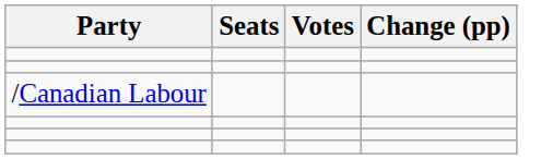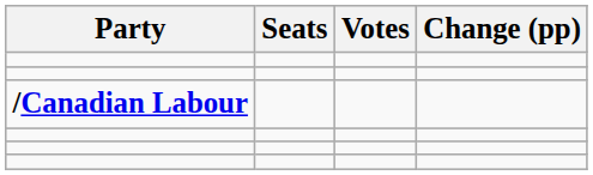 <table class="wikitable" style="text-align:right;">
 <tr>
 <th>Party</th>
 <th>Seats</th>
 <th>Votes</th>
 <th colspan="3">Change (pp)</th>
 </tr>
 <tr>
 <td style="text-align:left;"></td>
 <td></td>
 <td></td>
 <td></td>
 </tr>
 <tr>
 <td style="text-align:left;"></td>
 <td></td>
 <td></td>
 <td></td>
 </tr>
 <tr>
-<td style="text-align:left;">/<a href='#'>Canadian Labour</a></td>
+<td style="text-align:left;"><strong>/<a href='#'>Canadian Labour</a></strong></td>
 <td></td>
 <td></td>
 <td></td>
 </tr>
 <tr>
 <td style="text-align:left;"></td>
 <td></td>
 <td></td>
 <td></td>
 </tr>
 <tr>
 <td style="text-align:left;"></td>
 <td></td>
 <td></td>
 <td></td>
 </tr>
 <tr>
 <td style="text-align:left;"></td>
 <td></td>
 <td></td>
 <td></td>
 </tr>
 </table>
